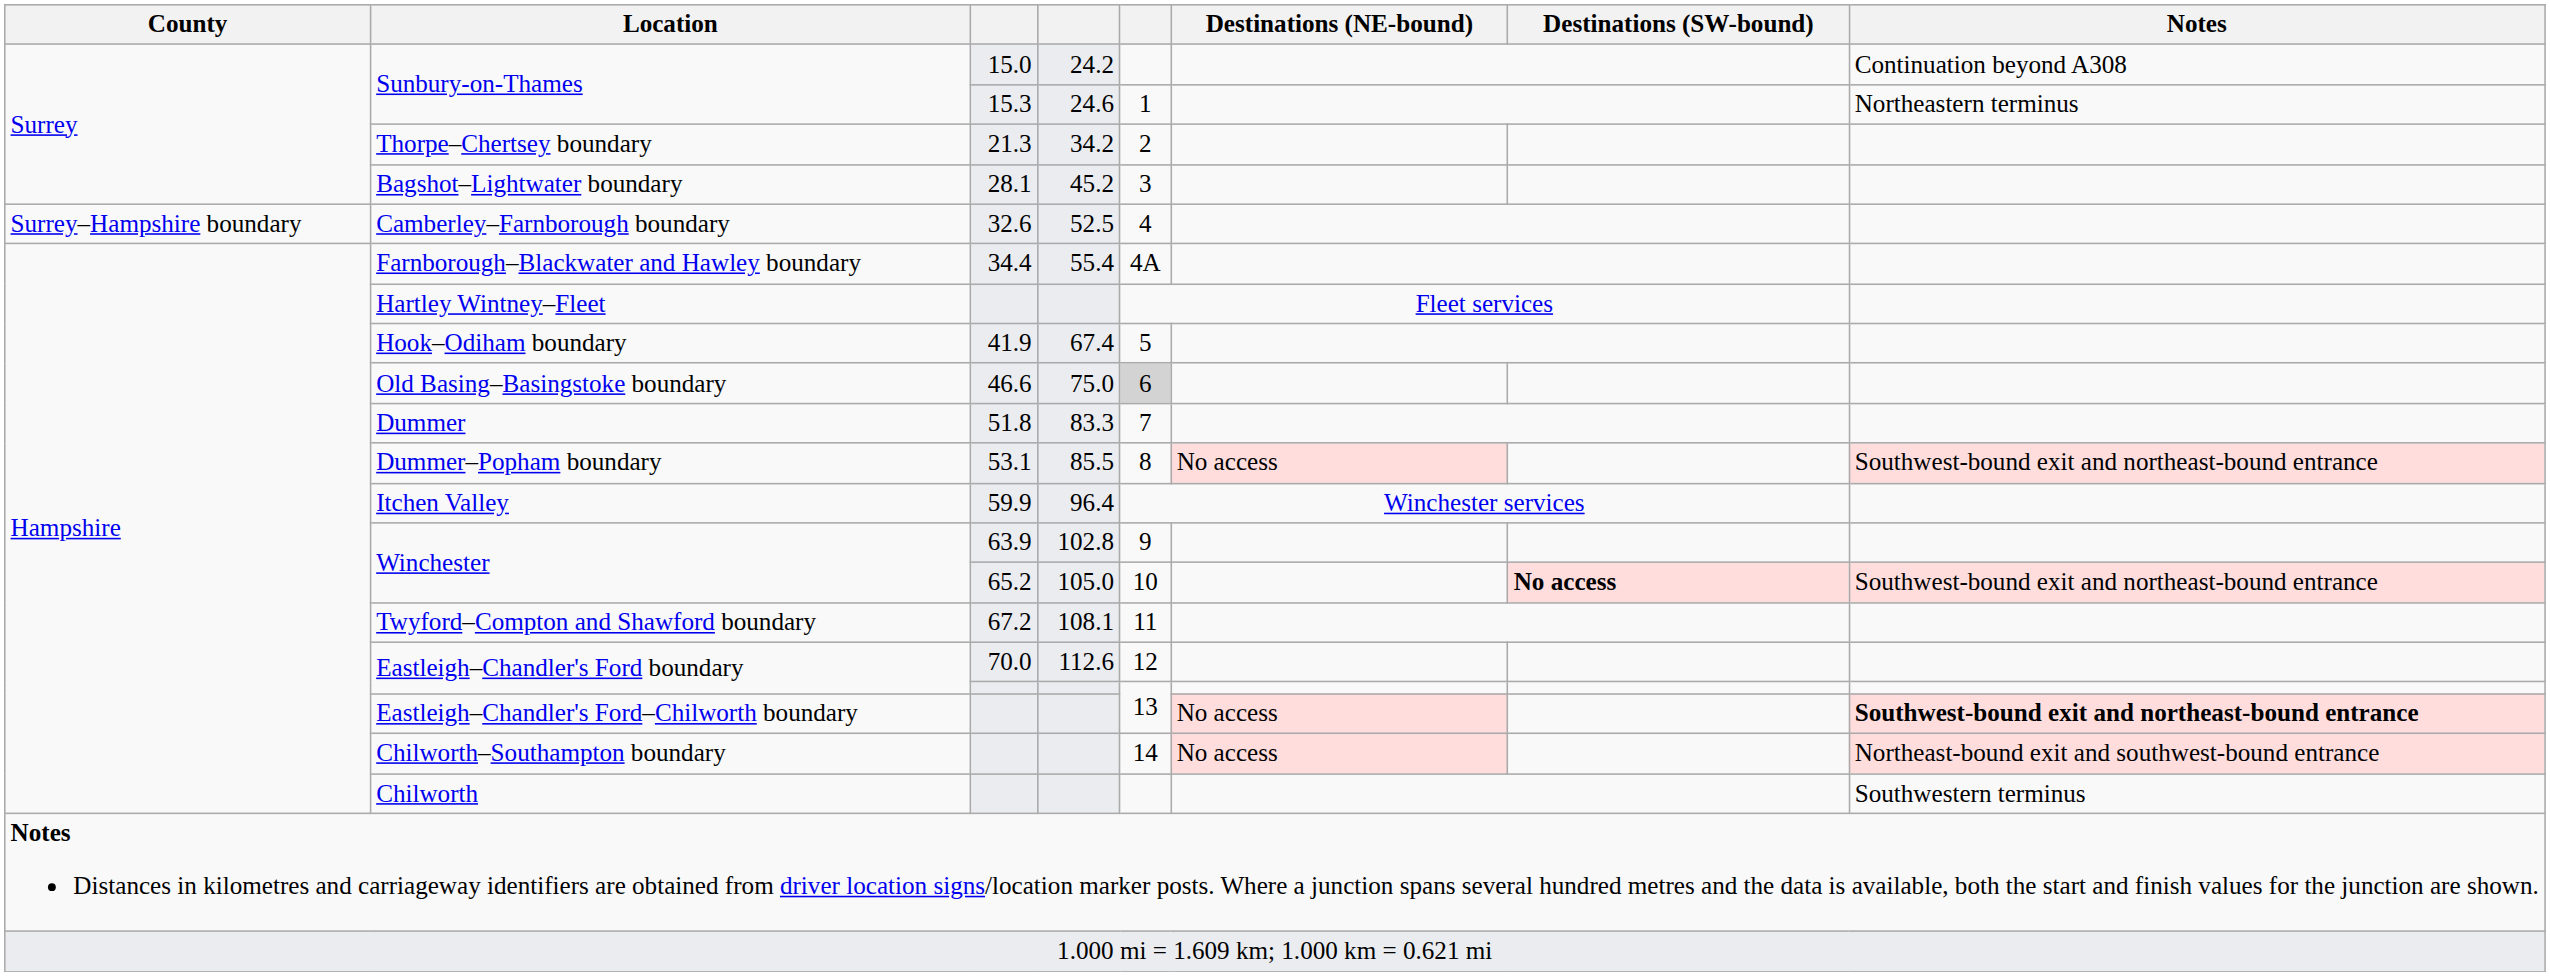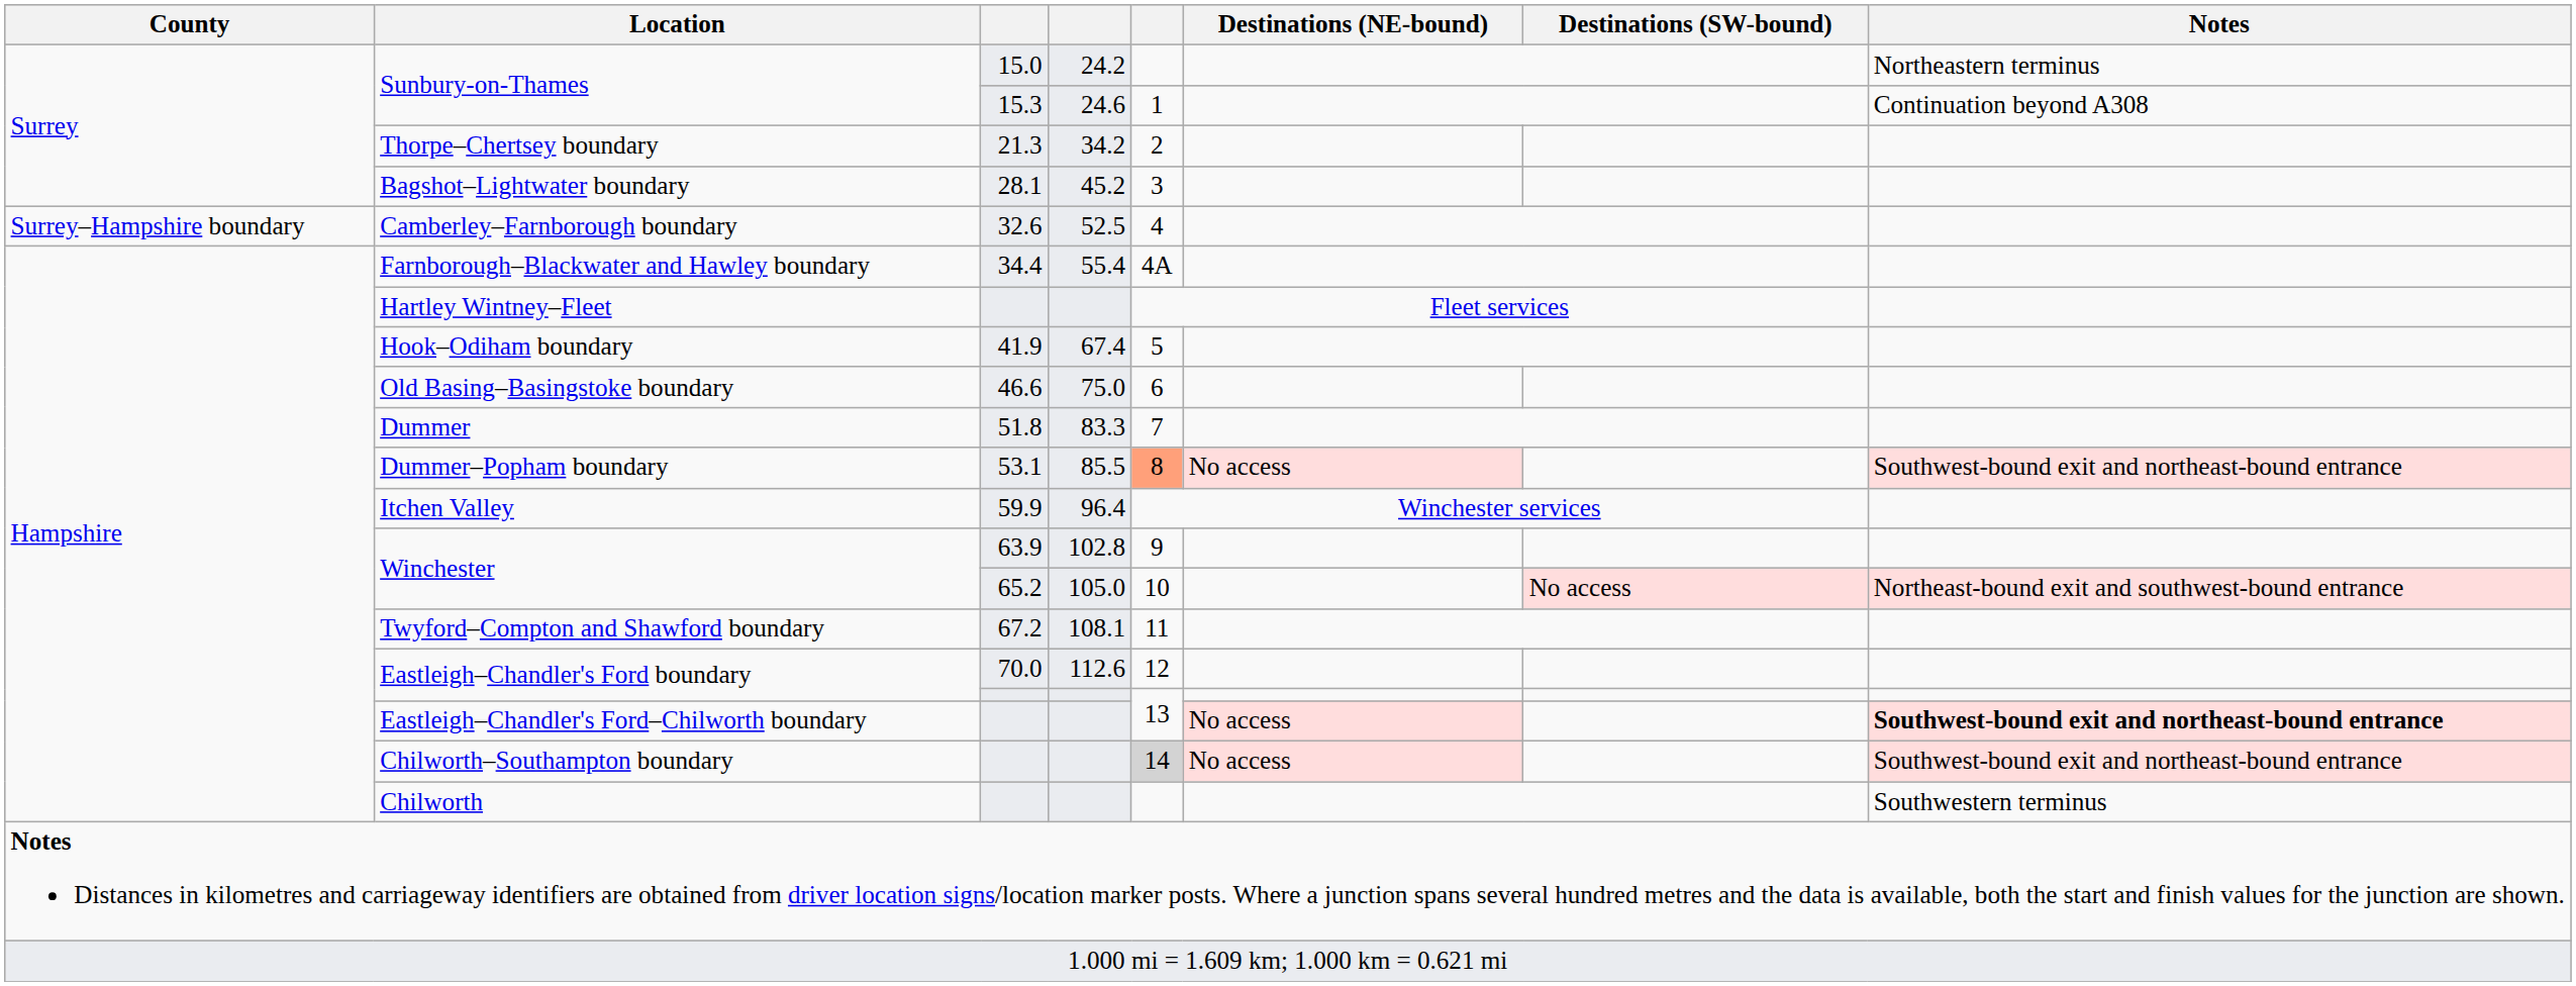 <table class="plainrowheaders wikitable">
 <tr>
 <th scope=col>County</th>
 <th scope=col>Location</th>
 <th scope=col></th>
 <th scope=col></th>
 <th scope=col></th>
 <th scope=col>Destinations (NE-bound)</th>
 <th scope=col>Destinations (SW-bound)</th>
 <th scope=col>Notes</th>
 </tr>
 <tr>
 <td rowspan=4><a href='#'>Surrey</a></td>
 <td rowspan=2><a href='#'>Sunbury-on-Thames</a></td>
 <td style="background:#eaecf0;text-align:right;">15.0</td>
 <td style="background:#eaecf0;text-align:right;">24.2</td>
 <td style="text-align:center;"></td>
 <td colspan=2></td>
-<td>Continuation beyond A308</td>
+<td>Northeastern terminus</td>
 </tr>
 <tr>
 <td style="background:#eaecf0;text-align:right;">15.3</td>
 <td style="background:#eaecf0;text-align:right;">24.6</td>
 <td style="text-align:center;">1</td>
 <td colspan=2></td>
-<td>Northeastern terminus</td>
+<td>Continuation beyond A308</td>
 </tr>
 <tr>
 <td><a href='#'>Thorpe</a>–<a href='#'>Chertsey</a> boundary</td>
 <td style="background:#eaecf0;text-align:right;">21.3</td>
 <td style="background:#eaecf0;text-align:right;">34.2</td>
 <td style="text-align:center;">2</td>
 <td> <br> </td>
 <td> <br> </td>
 <td></td>
 </tr>
 <tr>
 <td><a href='#'>Bagshot</a>–<a href='#'>Lightwater</a> boundary</td>
 <td style="background:#eaecf0;text-align:right;">28.1</td>
 <td style="background:#eaecf0;text-align:right;">45.2</td>
 <td style="text-align:center;">3</td>
 <td></td>
 <td></td>
 <td></td>
 </tr>
 <tr>
 <td><a href='#'>Surrey</a>–<a href='#'>Hampshire</a> boundary</td>
 <td><a href='#'>Camberley</a>–<a href='#'>Farnborough</a> boundary</td>
 <td style="background:#eaecf0;text-align:right;">32.6</td>
 <td style="background:#eaecf0;text-align:right;">52.5</td>
 <td style="text-align:center;">4</td>
 <td colspan=2></td>
 <td></td>
 </tr>
 <tr>
 <td rowspan=15><a href='#'>Hampshire</a></td>
 <td><a href='#'>Farnborough</a>–<a href='#'>Blackwater and Hawley</a> boundary</td>
 <td style="background:#eaecf0;text-align:right;">34.4</td>
 <td style="background:#eaecf0;text-align:right;">55.4</td>
 <td style="text-align:center;">4A</td>
 <td colspan=2></td>
 <td></td>
 </tr>
 <tr>
 <td><a href='#'>Hartley Wintney</a>–<a href='#'>Fleet</a></td>
 <td style="background:#eaecf0;text-align:right;"></td>
 <td style="background:#eaecf0;text-align:right;"></td>
 <td colspan=3 style="text-align:center;"><a href='#'>Fleet services</a></td>
 <td></td>
 </tr>
 <tr>
 <td><a href='#'>Hook</a>–<a href='#'>Odiham</a> boundary</td>
 <td style="background:#eaecf0;text-align:right;">41.9</td>
 <td style="background:#eaecf0;text-align:right;">67.4</td>
 <td style="text-align:center;">5</td>
 <td colspan=2></td>
 <td></td>
 </tr>
 <tr>
 <td><a href='#'>Old Basing</a>–<a href='#'>Basingstoke</a> boundary</td>
 <td style="background:#eaecf0;text-align:right;">46.6</td>
 <td style="background:#eaecf0;text-align:right;">75.0</td>
-<td style="background: lightgrey; text-align:center;">6</td>
+<td style="text-align:center;">6</td>
 <td></td>
 <td></td>
 <td></td>
 </tr>
 <tr>
 <td><a href='#'>Dummer</a></td>
 <td style="background:#eaecf0;text-align:right;">51.8</td>
 <td style="background:#eaecf0;text-align:right;">83.3</td>
 <td style="text-align:center;">7</td>
 <td colspan=2></td>
 <td></td>
 </tr>
 <tr>
 <td><a href='#'>Dummer</a>–<a href='#'>Popham</a> boundary</td>
 <td style="background:#eaecf0;text-align:right;">53.1</td>
 <td style="background:#eaecf0;text-align:right;">85.5</td>
-<td style="text-align:center;">8</td>
+<td style="background: lightsalmon; text-align:center;">8</td>
 <td style="background:#ffdddd" title="Incomplete access">No access</td>
 <td></td>
 <td style="background:#ffdddd" title="Incomplete access">Southwest-bound exit and northeast-bound entrance</td>
 </tr>
 <tr>
 <td><a href='#'>Itchen Valley</a></td>
 <td style="background:#eaecf0;text-align:right;">59.9</td>
 <td style="background:#eaecf0;text-align:right;">96.4</td>
 <td colspan=3 style="text-align:center;"><a href='#'>Winchester services</a></td>
 <td></td>
 </tr>
 <tr>
 <td rowspan=2><a href='#'>Winchester</a></td>
 <td style="background:#eaecf0;text-align:right;">63.9</td>
 <td style="background:#eaecf0;text-align:right;">102.8</td>
 <td style="text-align:center;">9</td>
 <td></td>
 <td></td>
 <td></td>
 </tr>
 <tr>
 <td style="background:#eaecf0;text-align:right;">65.2</td>
 <td style="background:#eaecf0;text-align:right;">105.0</td>
 <td style="text-align:center;">10</td>
 <td></td>
-<td style="background:#ffdddd" title="Incomplete access"><strong>No access</strong></td>
-<td style="background:#ffdddd" title="Incomplete access">Southwest-bound exit and northeast-bound entrance</td>
+<td style="background:#ffdddd" title="Incomplete access">No access</td>
+<td style="background:#ffdddd" title="Incomplete access">Northeast-bound exit and southwest-bound entrance</td>
 </tr>
 <tr>
 <td><a href='#'>Twyford</a>–<a href='#'>Compton and Shawford</a> boundary</td>
 <td style="background:#eaecf0;text-align:right;">67.2</td>
 <td style="background:#eaecf0;text-align:right;">108.1</td>
 <td style="text-align:center;">11</td>
 <td colspan=2></td>
 <td></td>
 </tr>
 <tr>
 <td rowspan=2><a href='#'>Eastleigh</a>–<a href='#'>Chandler's Ford</a> boundary</td>
 <td style="background:#eaecf0;text-align:right;">70.0</td>
 <td style="background:#eaecf0;text-align:right;">112.6</td>
 <td style="text-align:center;">12</td>
 <td></td>
 <td></td>
 <td></td>
 </tr>
 <tr>
 <td style="background:#eaecf0;text-align:right;"></td>
 <td style="background:#eaecf0;text-align:right;"></td>
 <td style="text-align:center;" rowspan=2>13</td>
 <td></td>
 <td></td>
 <td></td>
 </tr>
 <tr>
 <td><a href='#'>Eastleigh</a>–<a href='#'>Chandler's Ford</a>–<a href='#'>Chilworth</a> boundary</td>
 <td style="background:#eaecf0;text-align:right;"></td>
 <td style="background:#eaecf0;text-align:right;"></td>
 <td style="background:#ffdddd" title="Incomplete access">No access</td>
 <td></td>
 <td style="background:#ffdddd" title="Incomplete access"><strong>Southwest-bound exit and northeast-bound entrance</strong></td>
 </tr>
 <tr>
 <td><a href='#'>Chilworth</a>–<a href='#'>Southampton</a> boundary</td>
 <td style="background:#eaecf0;text-align:right;"></td>
 <td style="background:#eaecf0;text-align:right;"></td>
-<td style="text-align:center;">14</td>
+<td style="background: lightgrey; text-align:center;">14</td>
 <td style="background:#ffdddd" title="Incomplete access">No access</td>
 <td></td>
-<td style="background:#ffdddd" title="Incomplete access">Northeast-bound exit and southwest-bound entrance</td>
+<td style="background:#ffdddd" title="Incomplete access">Southwest-bound exit and northeast-bound entrance</td>
 </tr>
 <tr>
 <td><a href='#'>Chilworth</a></td>
 <td style="background:#eaecf0;text-align:right;"></td>
 <td style="background:#eaecf0;text-align:right;"></td>
 <td style="text-align:center;"></td>
 <td colspan=2></td>
 <td>Southwestern terminus</td>
 </tr>
 <tr>
 <td colspan=8><strong>Notes</strong><br><ul><li>Distances in kilometres and carriageway identifiers are obtained from <a href='#'>driver location signs</a>/location marker posts. Where a junction spans several hundred metres and the data is available, both the start and finish values for the junction are shown.</li></ul></td>
 </tr>
 <tr>
 <td colspan=8 style="background:#eaecf0;text-align:center;">1.000 mi = 1.609 km; 1.000 km = 0.621 mi <br> </td>
 </tr>
 </table>
